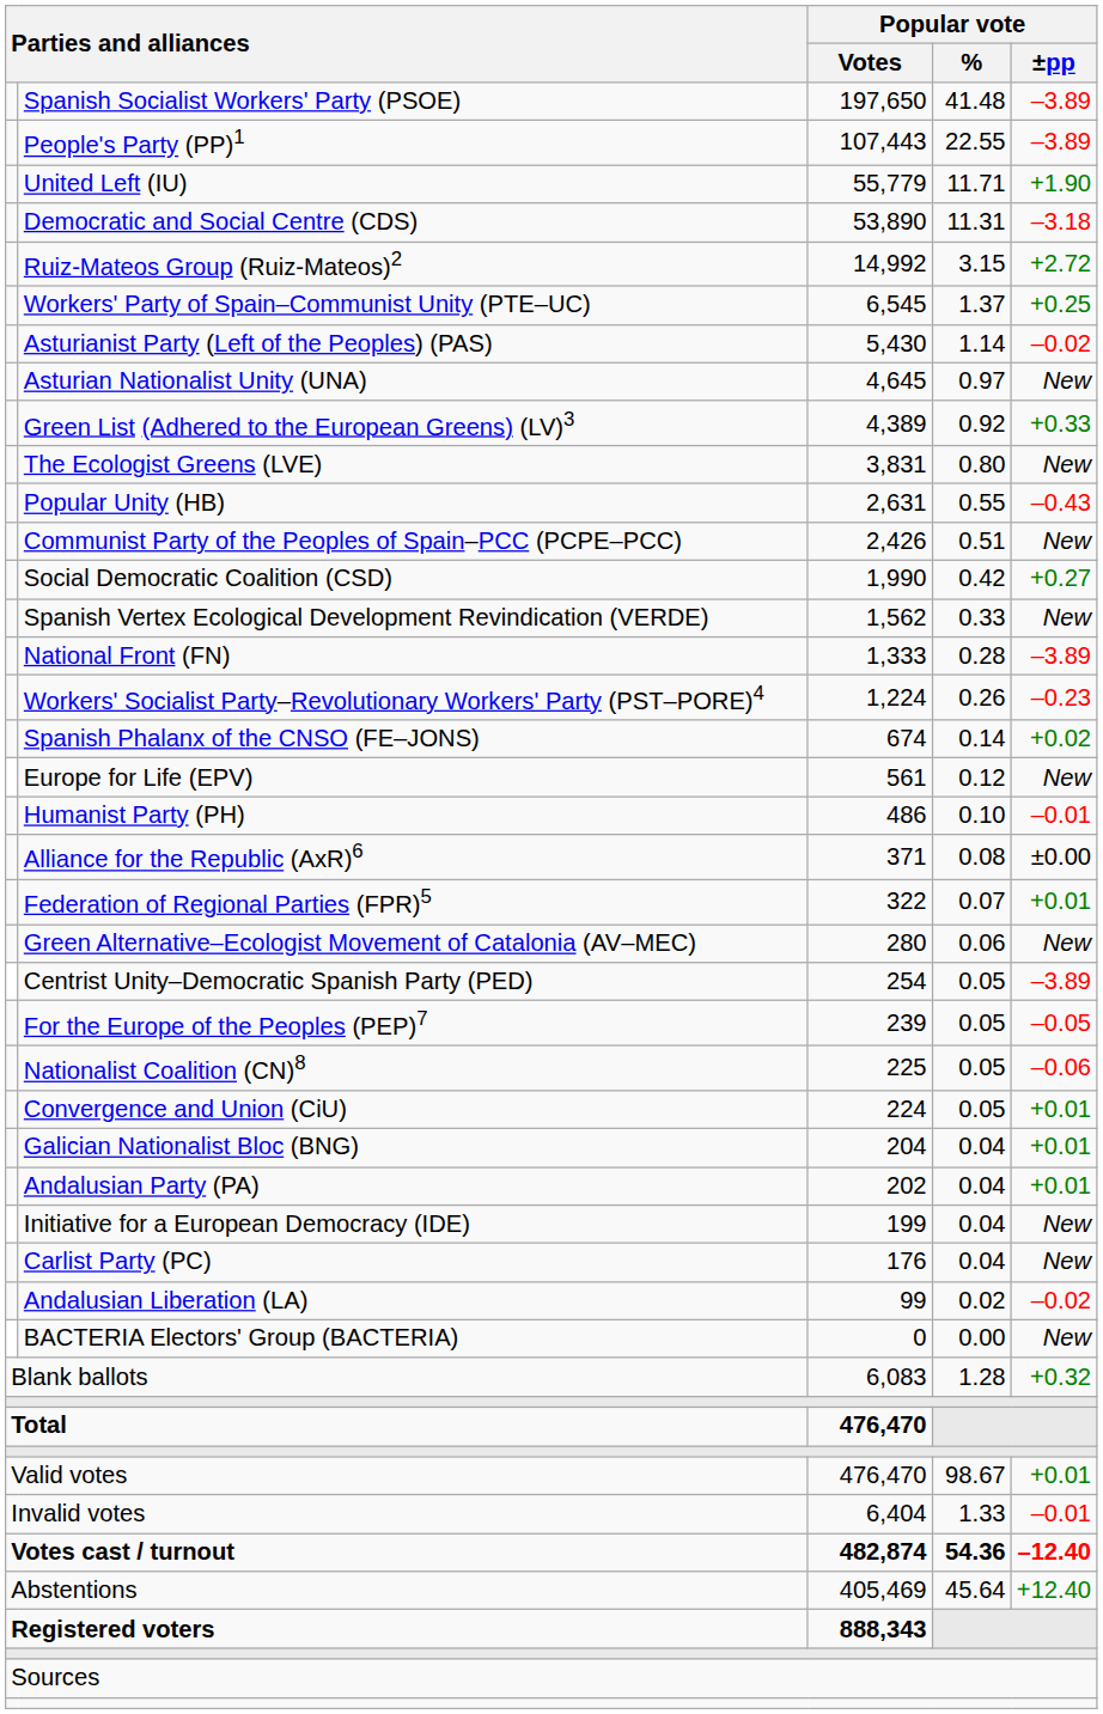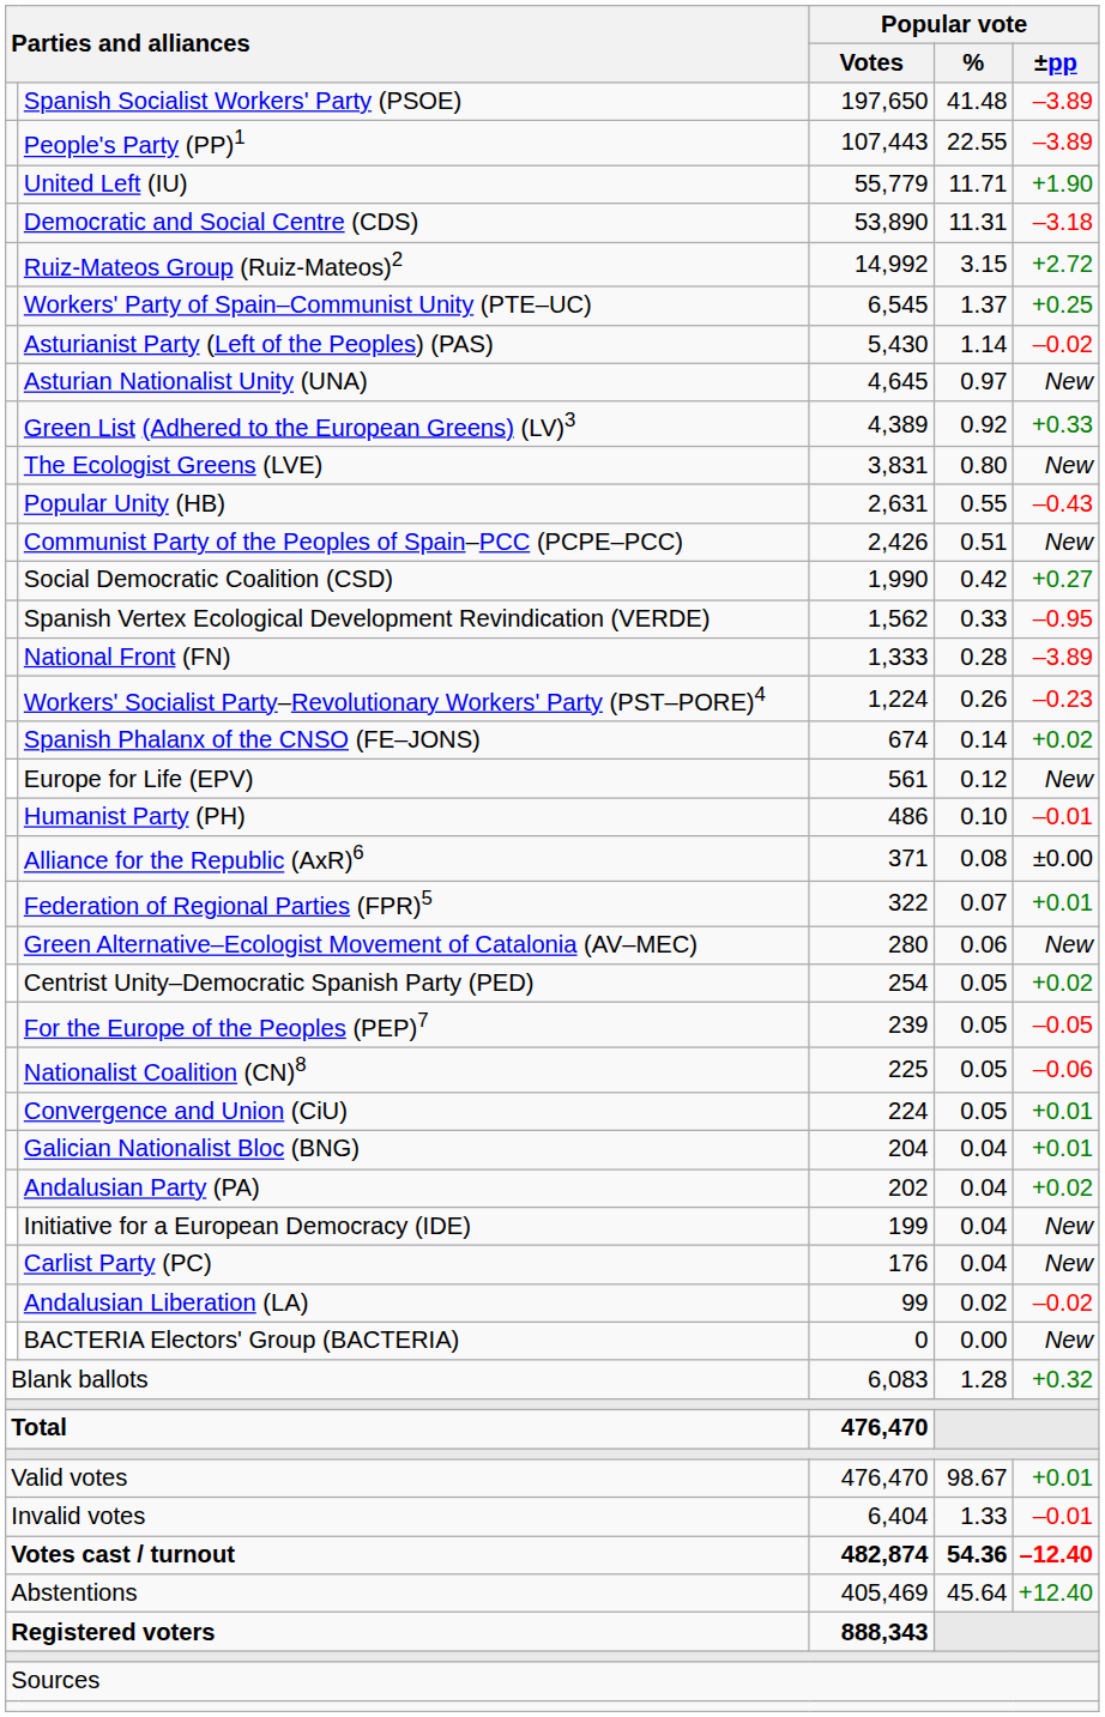 <table class="wikitable" style="text-align:right">
 <tr>
 <th style="text-align:left;" rowspan="2" colspan="2" width="525">Parties and alliances</th>
 <th colspan="3">Popular vote</th>
 </tr>
 <tr>
 <th width="75">Votes</th>
 <th width="45">%</th>
 <th width="45">±<a href='#'>pp</a></th>
 </tr>
 <tr>
 <td width="1" style="color:inherit;background:"></td>
 <td align="left"><a href='#'>Spanish Socialist Workers' Party</a> (PSOE)</td>
 <td>197,650</td>
 <td>41.48</td>
 <td style="color:red;">–3.89</td>
 </tr>
 <tr>
 <td style="color:inherit;background:"></td>
 <td align="left"><a href='#'>People's Party</a> (PP)<sup>1</sup></td>
 <td>107,443</td>
 <td>22.55</td>
 <td style="color:red;">–3.89</td>
 </tr>
 <tr>
 <td style="color:inherit;background:"></td>
 <td align="left"><a href='#'>United Left</a> (IU)</td>
 <td>55,779</td>
 <td>11.71</td>
 <td style="color:green;">+1.90</td>
 </tr>
 <tr>
 <td style="color:inherit;background:"></td>
 <td align="left"><a href='#'>Democratic and Social Centre</a> (CDS)</td>
 <td>53,890</td>
 <td>11.31</td>
 <td style="color:red;">–3.18</td>
 </tr>
 <tr>
 <td style="color:inherit;background:"></td>
 <td align="left"><a href='#'>Ruiz-Mateos Group</a> (Ruiz-Mateos)<sup>2</sup></td>
 <td>14,992</td>
 <td>3.15</td>
 <td style="color:green;">+2.72</td>
 </tr>
 <tr>
 <td style="color:inherit;background:"></td>
 <td align="left"><a href='#'>Workers' Party of Spain–Communist Unity</a> (PTE–UC)</td>
 <td>6,545</td>
 <td>1.37</td>
 <td style="color:green;">+0.25</td>
 </tr>
 <tr>
 <td style="color:inherit;background:"></td>
 <td align="left"><a href='#'>Asturianist Party</a> (<a href='#'>Left of the Peoples</a>) (PAS)</td>
 <td>5,430</td>
 <td>1.14</td>
 <td style="color:red;">–0.02</td>
 </tr>
 <tr>
 <td style="color:inherit;background:"></td>
 <td align="left"><a href='#'>Asturian Nationalist Unity</a> (UNA)</td>
 <td>4,645</td>
 <td>0.97</td>
 <td><em>New</em></td>
 </tr>
 <tr>
 <td style="color:inherit;background:"></td>
 <td align="left"><a href='#'>Green List</a> <a href='#'>(Adhered to the European Greens)</a> (LV)<sup>3</sup></td>
 <td>4,389</td>
 <td>0.92</td>
 <td style="color:green;">+0.33</td>
 </tr>
 <tr>
 <td style="color:inherit;background:"></td>
 <td align="left"><a href='#'>The Ecologist Greens</a> (LVE)</td>
 <td>3,831</td>
 <td>0.80</td>
 <td><em>New</em></td>
 </tr>
 <tr>
 <td style="color:inherit;background:"></td>
 <td align="left"><a href='#'>Popular Unity</a> (HB)</td>
 <td>2,631</td>
 <td>0.55</td>
 <td style="color:red;">–0.43</td>
 </tr>
 <tr>
 <td style="color:inherit;background:"></td>
 <td align="left"><a href='#'>Communist Party of the Peoples of Spain</a>–<a href='#'>PCC</a> (PCPE–PCC)</td>
 <td>2,426</td>
 <td>0.51</td>
 <td><em>New</em></td>
 </tr>
 <tr>
 <td style="color:inherit;background:"></td>
 <td align="left">Social Democratic Coalition (CSD)</td>
 <td>1,990</td>
 <td>0.42</td>
 <td style="color:green;">+0.27</td>
 </tr>
 <tr>
 <td style="color:inherit;background:"></td>
 <td align="left">Spanish Vertex Ecological Development Revindication (VERDE)</td>
 <td>1,562</td>
 <td>0.33</td>
-<td><em>New</em></td>
+<td style="color:red;">–0.95</td>
 </tr>
 <tr>
 <td style="color:inherit;background:"></td>
 <td align="left"><a href='#'>National Front</a> (FN)</td>
 <td>1,333</td>
 <td>0.28</td>
 <td style="color:red;">–3.89</td>
 </tr>
 <tr>
 <td style="color:inherit;background:"></td>
 <td align="left"><a href='#'>Workers' Socialist Party</a>–<a href='#'>Revolutionary Workers' Party</a> (PST–PORE)<sup>4</sup></td>
 <td>1,224</td>
 <td>0.26</td>
 <td style="color:red;">–0.23</td>
 </tr>
 <tr>
 <td style="color:inherit;background:"></td>
 <td align="left"><a href='#'>Spanish Phalanx of the CNSO</a> (FE–JONS)</td>
 <td>674</td>
 <td>0.14</td>
 <td style="color:green;">+0.02</td>
 </tr>
 <tr>
 <td bgcolor="white"></td>
 <td align="left">Europe for Life (EPV)</td>
 <td>561</td>
 <td>0.12</td>
 <td><em>New</em></td>
 </tr>
 <tr>
 <td style="color:inherit;background:"></td>
 <td align="left"><a href='#'>Humanist Party</a> (PH)</td>
 <td>486</td>
 <td>0.10</td>
 <td style="color:red;">–0.01</td>
 </tr>
 <tr>
 <td style="color:inherit;background:"></td>
 <td align="left"><a href='#'>Alliance for the Republic</a> (AxR)<sup>6</sup></td>
 <td>371</td>
 <td>0.08</td>
 <td>±0.00</td>
 </tr>
 <tr>
 <td style="color:inherit;background:"></td>
 <td align="left"><a href='#'>Federation of Regional Parties</a> (FPR)<sup>5</sup></td>
 <td>322</td>
 <td>0.07</td>
 <td style="color:green;">+0.01</td>
 </tr>
 <tr>
 <td style="color:inherit;background:"></td>
 <td align="left"><a href='#'>Green Alternative–Ecologist Movement of Catalonia</a> (AV–MEC)</td>
 <td>280</td>
 <td>0.06</td>
 <td><em>New</em></td>
 </tr>
 <tr>
 <td bgcolor="white"></td>
 <td align="left">Centrist Unity–Democratic Spanish Party (PED)</td>
 <td>254</td>
 <td>0.05</td>
-<td style="color:red;">–3.89</td>
+<td style="color:green;">+0.02</td>
 </tr>
 <tr>
 <td style="color:inherit;background:"></td>
 <td align="left"><a href='#'>For the Europe of the Peoples</a> (PEP)<sup>7</sup></td>
 <td>239</td>
 <td>0.05</td>
 <td style="color:red;">–0.05</td>
 </tr>
 <tr>
 <td style="color:inherit;background:"></td>
 <td align="left"><a href='#'>Nationalist Coalition</a> (CN)<sup>8</sup></td>
 <td>225</td>
 <td>0.05</td>
 <td style="color:red;">–0.06</td>
 </tr>
 <tr>
 <td style="color:inherit;background:"></td>
 <td align="left"><a href='#'>Convergence and Union</a> (CiU)</td>
 <td>224</td>
 <td>0.05</td>
 <td style="color:green;">+0.01</td>
 </tr>
 <tr>
 <td style="color:inherit;background:"></td>
 <td align="left"><a href='#'>Galician Nationalist Bloc</a> (BNG)</td>
 <td>204</td>
 <td>0.04</td>
 <td style="color:green;">+0.01</td>
 </tr>
 <tr>
 <td style="color:inherit;background:"></td>
 <td align="left"><a href='#'>Andalusian Party</a> (PA)</td>
 <td>202</td>
 <td>0.04</td>
-<td style="color:green;">+0.01</td>
+<td style="color:green;">+0.02</td>
 </tr>
 <tr>
 <td bgcolor="white"></td>
 <td align="left">Initiative for a European Democracy (IDE)</td>
 <td>199</td>
 <td>0.04</td>
 <td><em>New</em></td>
 </tr>
 <tr>
 <td style="color:inherit;background:"></td>
 <td align="left"><a href='#'>Carlist Party</a> (PC)</td>
 <td>176</td>
 <td>0.04</td>
 <td><em>New</em></td>
 </tr>
 <tr>
 <td style="color:inherit;background:"></td>
 <td align="left"><a href='#'>Andalusian Liberation</a> (LA)</td>
 <td>99</td>
 <td>0.02</td>
 <td style="color:red;">–0.02</td>
 </tr>
 <tr>
 <td bgcolor="white"></td>
 <td align="left">BACTERIA Electors' Group (BACTERIA)</td>
 <td>0</td>
 <td>0.00</td>
 <td><em>New</em></td>
 </tr>
 <tr>
 <td align="left" colspan="2">Blank ballots</td>
 <td>6,083</td>
 <td>1.28</td>
 <td style="color:green;">+0.32</td>
 </tr>
 <tr>
 <td colspan="5" bgcolor="#E9E9E9"></td>
 </tr>
 <tr style="font-weight:bold;">
 <td align="left" colspan="2">Total</td>
 <td>476,470</td>
 <td bgcolor="#E9E9E9" colspan="2"></td>
 </tr>
 <tr>
 <td colspan="5" bgcolor="#E9E9E9"></td>
 </tr>
 <tr>
 <td align="left" colspan="2">Valid votes</td>
 <td>476,470</td>
 <td>98.67</td>
 <td style="color:green;">+0.01</td>
 </tr>
 <tr>
 <td align="left" colspan="2">Invalid votes</td>
 <td>6,404</td>
 <td>1.33</td>
 <td style="color:red;">–0.01</td>
 </tr>
 <tr style="font-weight:bold;">
 <td align="left" colspan="2">Votes cast / turnout</td>
 <td>482,874</td>
 <td>54.36</td>
 <td style="color:red;">–12.40</td>
 </tr>
 <tr>
 <td align="left" colspan="2">Abstentions</td>
 <td>405,469</td>
 <td>45.64</td>
 <td style="color:green;">+12.40</td>
 </tr>
 <tr style="font-weight:bold;">
 <td align="left" colspan="2">Registered voters</td>
 <td>888,343</td>
 <td bgcolor="#E9E9E9" colspan="2"></td>
 </tr>
 <tr>
 <td colspan="5" bgcolor="#E9E9E9"></td>
 </tr>
 <tr>
 <td align="left" colspan="5">Sources</td>
 </tr>
 <tr>
 <td colspan="5" style="text-align:left; max-width:680px;"></td>
 </tr>
 </table>
